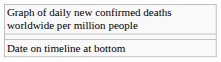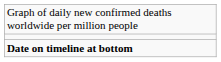 <table class=wikitable>
 <tr>
 <td style=max-width:300px>Graph of daily new confirmed deaths worldwide per million people</td>
 </tr>
 <tr>
 <td></td>
 </tr>
 <tr>
-<td style=max-width:300px>Date on timeline at bottom</td>
+<td style=max-width:300px><strong>Date on timeline at bottom</strong></td>
 </tr>
 </table>
